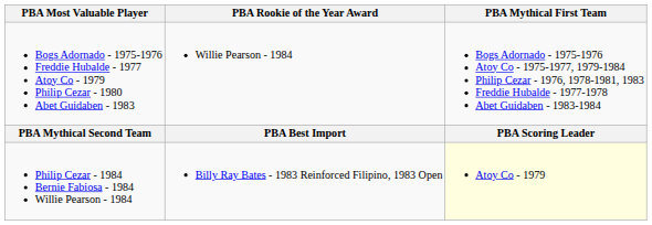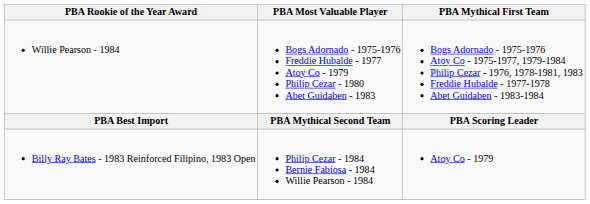 <table class=wikitable>
 <tr>
+<th>PBA Rookie of the Year Award</th>
 <th>PBA Most Valuable Player</th>
-<th>PBA Rookie of the Year Award</th>
 <th>PBA Mythical First Team</th>
 </tr>
 <tr>
+<td valign="top"><br><ul><li>Willie Pearson - 1984</li></ul></td>
 <td valign="top"><br><ul><li><a href='#'>Bogs Adornado</a> - 1975-1976</li><li><a href='#'>Freddie Hubalde</a> - 1977</li><li><a href='#'>Atoy Co</a> - 1979</li><li><a href='#'>Philip Cezar</a> - 1980</li><li><a href='#'>Abet Guidaben</a> - 1983</li></ul></td>
-<td valign="top"><br><ul><li>Willie Pearson - 1984</li></ul></td>
 <td valign="top"><br><ul><li><a href='#'>Bogs Adornado</a> - 1975-1976</li><li><a href='#'>Atoy Co</a> - 1975-1977, 1979-1984</li><li><a href='#'>Philip Cezar</a> - 1976, 1978-1981, 1983</li><li><a href='#'>Freddie Hubalde</a> - 1977-1978</li><li><a href='#'>Abet Guidaben</a> - 1983-1984</li></ul></td>
 </tr>
 <tr>
+<th>PBA Best Import</th>
 <th>PBA Mythical Second Team</th>
-<th>PBA Best Import</th>
 <th>PBA Scoring Leader</th>
 </tr>
 <tr>
+<td valign="top"><br><ul><li><a href='#'>Billy Ray Bates</a> - 1983 Reinforced Filipino, 1983 Open</li></ul></td>
 <td valign="top"><br><ul><li><a href='#'>Philip Cezar</a> - 1984</li><li><a href='#'>Bernie Fabiosa</a> - 1984</li><li>Willie Pearson - 1984</li></ul></td>
-<td valign="top"><br><ul><li><a href='#'>Billy Ray Bates</a> - 1983 Reinforced Filipino, 1983 Open</li></ul></td>
-<td valign="top" style="background: lightyellow;"><br><ul><li><a href='#'>Atoy Co</a> - 1979</li></ul></td>
+<td valign="top"><br><ul><li><a href='#'>Atoy Co</a> - 1979</li></ul></td>
 </tr>
 </table>
